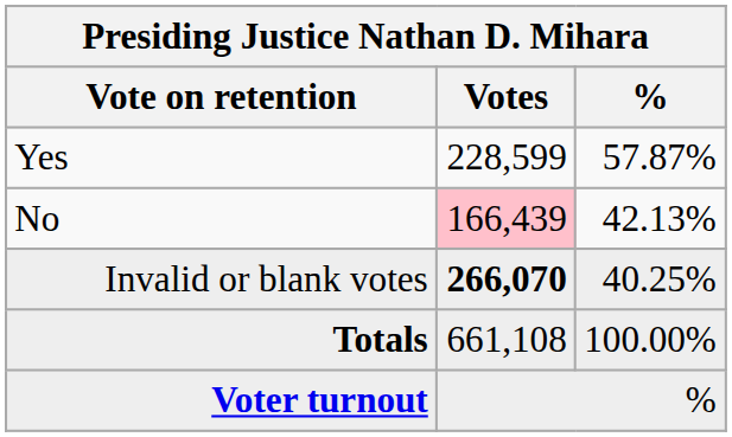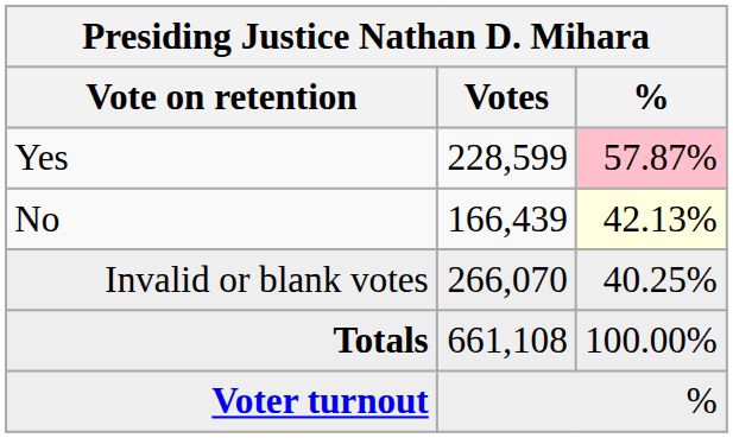 <table class="wikitable" style="font-size: 95%;">
 <tr style="background-color:#E9E9E9">
 <th colspan=7>Presiding Justice Nathan D. Mihara</th>
 </tr>
 <tr style="background-color:#E9E9E9">
 <th style="width: 170px">Vote on retention</th>
 <th style="width: 50px">Votes</th>
 <th style="width: 40px">%</th>
 </tr>
 <tr>
 <td>Yes</td>
 <td align="right">228,599</td>
-<td align="right">57.87%</td>
+<td align="right" style="background: pink;">57.87%</td>
 </tr>
 <tr>
 <td>No</td>
-<td align="right" style="background: pink;">166,439</td>
-<td align="right">42.13%</td>
+<td align="right">166,439</td>
+<td align="right" style="background: lightyellow;">42.13%</td>
 </tr>
 <tr style="background-color:#EEEEEE">
 <td align="right">Invalid or blank votes</td>
-<td align="right"><strong>266,070</strong></td>
+<td align="right">266,070</td>
 <td align="right">40.25%</td>
 </tr>
 <tr style="background-color:#EEEEEE">
 <td colspan="1" align="right"><strong>Totals</strong></td>
 <td align="right">661,108</td>
 <td align="right">100.00%</td>
 </tr>
 <tr style="background-color:#EEEEEE">
 <td align="right"><strong><a href='#'>Voter turnout</a></strong></td>
 <td colspan="2" align="right">%</td>
 </tr>
 </table>
